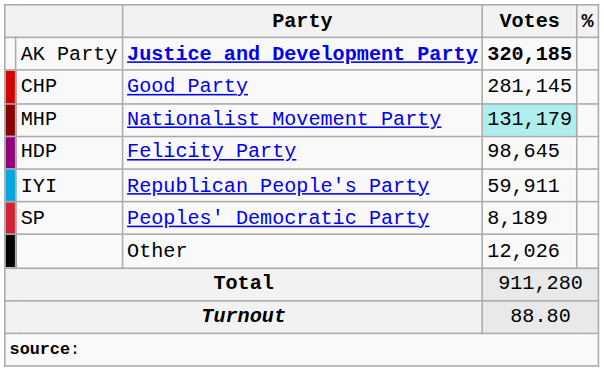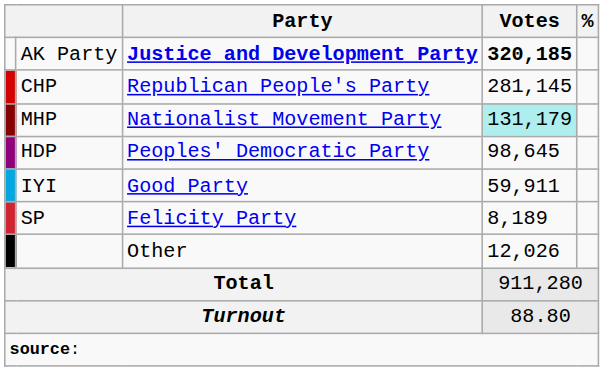 <table class="wikitable">
 <tr>
 <th colspan="2" align="center"></th>
 <th align="center">Party</th>
 <th align="center">Votes</th>
 <th align="center">%</th>
 </tr>
 <tr align="left">
 <td></td>
 <td>AK Party</td>
 <td><strong><a href='#'>Justice and Development Party</a></strong></td>
 <td><strong>320,185</strong></td>
 <td><strong></strong></td>
 </tr>
 <tr align="left">
 <td bgcolor="#d50000" width="1"></td>
 <td>CHP</td>
-<td><a href='#'>Good Party</a></td>
+<td><a href='#'>Republican People's Party</a></td>
 <td>281,145</td>
 <td></td>
 </tr>
 <tr align="left">
 <td bgcolor="#870000" width="1"></td>
 <td>MHP</td>
 <td><a href='#'>Nationalist Movement Party</a></td>
 <td style="background: paleturquoise;">131,179</td>
 <td></td>
 </tr>
 <tr align="left">
 <td bgcolor="#91007B" width="1"></td>
 <td>HDP</td>
-<td><a href='#'>Felicity Party</a></td>
+<td><a href='#'>Peoples' Democratic Party</a></td>
 <td>98,645</td>
 <td></td>
 </tr>
 <tr align="left">
 <td bgcolor="#01A7E1" width="1"></td>
 <td>IYI</td>
-<td><a href='#'>Republican People's Party</a></td>
+<td><a href='#'>Good Party</a></td>
 <td>59,911</td>
 <td></td>
 </tr>
 <tr align="left">
 <td bgcolor="#D02433" width="1"></td>
 <td>SP</td>
-<td><a href='#'>Peoples' Democratic Party</a></td>
+<td><a href='#'>Felicity Party</a></td>
 <td>8,189</td>
 <td></td>
 </tr>
 <tr align="left">
 <td bgcolor=" " width="1"></td>
 <td></td>
 <td>Other</td>
 <td>12,026</td>
 <td></td>
 </tr>
 <tr align="left" style="background-color:#E9E9E9">
 <th colspan="3" align="center"><strong>Total</strong></th>
 <td colspan="5" align="center">911,280</td>
 </tr>
 <tr align="left" style="background-color:#E9E9E9">
 <th colspan="3" align="center"><em>Turnout</em></th>
 <td colspan="5" align="center">88.80</td>
 </tr>
 <tr>
 <td colspan="9" align="left"><small><strong>source</strong>: </small></td>
 </tr>
 </table>
